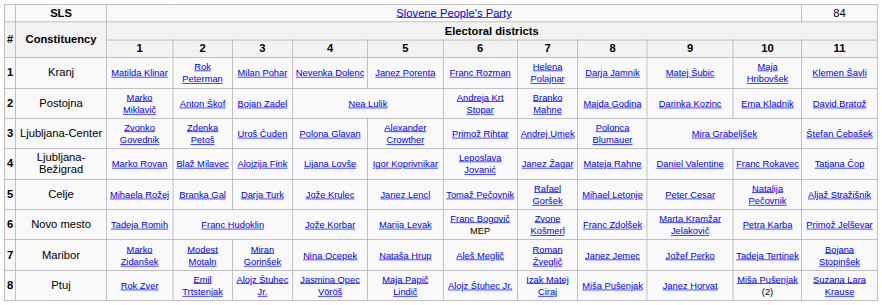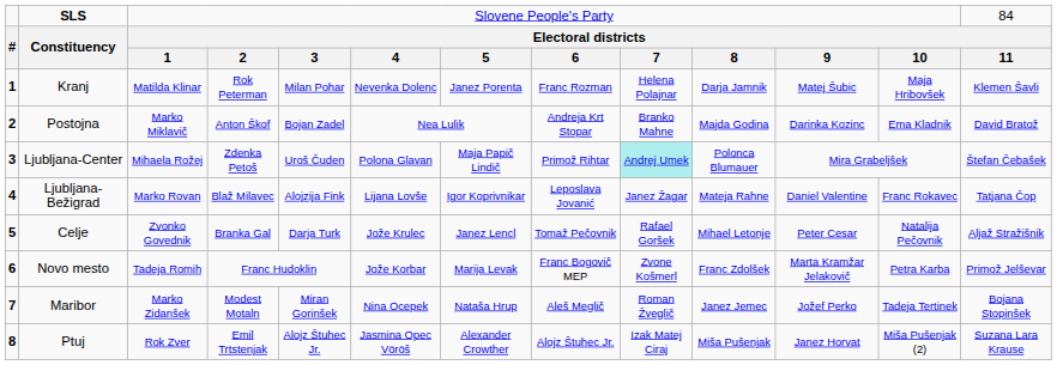 <table class="wikitable" style="text-align: center;">
 <tr>
 <td style="background:"></td>
 <td><strong>SLS</strong></td>
 <td colspan="10"><a href='#'>Slovene People's Party</a><br></td>
 <td>84<br></td>
 </tr>
 <tr>
 <th rowspan="2">#</th>
 <th rowspan="2">Constituency</th>
 <th colspan="11">Electoral districts</th>
 </tr>
 <tr>
 <th>1</th>
 <th>2</th>
 <th>3</th>
 <th>4</th>
 <th>5</th>
 <th>6</th>
 <th>7</th>
 <th>8</th>
 <th>9</th>
 <th>10</th>
 <th>11</th>
 </tr>
 <tr>
 <td style="text-align:center;"><strong>1</strong></td>
 <td>Kranj</td>
 <td><a href='#'><small>Matilda Klinar</small></a></td>
 <td><a href='#'><small>Rok Peterman</small></a></td>
 <td><a href='#'><small>Milan Pohar</small></a></td>
 <td><a href='#'><small>Nevenka Dolenc</small></a></td>
 <td><a href='#'><small>Janez Porenta</small></a></td>
 <td><a href='#'><small>Franc Rozman</small></a></td>
 <td><a href='#'><small>Helena Polajnar</small></a></td>
 <td><a href='#'><small>Darja Jamnik</small></a></td>
 <td><a href='#'><small>Matej Šubic</small></a></td>
 <td><a href='#'><small>Maja Hribovšek</small></a></td>
 <td><a href='#'><small>Klemen Šavli</small></a></td>
 </tr>
 <tr>
 <td style="text-align:center;"><strong>2</strong></td>
 <td>Postojna</td>
 <td><a href='#'><small>Marko Miklavič</small></a></td>
 <td><a href='#'><small>Anton Škof</small></a></td>
 <td><a href='#'><small>Bojan Zadel</small></a></td>
 <td colspan="2"><a href='#'><small>Nea Lulik</small></a></td>
 <td><a href='#'><small>Andreja Krt Stopar</small></a></td>
 <td><a href='#'><small>Branko Mahne</small></a></td>
 <td><a href='#'><small>Majda Godina</small></a></td>
 <td><a href='#'><small>Darinka Kozinc</small></a></td>
 <td><a href='#'><small>Ema Kladnik</small></a></td>
 <td><a href='#'><small>David Bratož</small></a></td>
 </tr>
 <tr>
 <td style="text-align:center;"><strong>3</strong></td>
 <td>Ljubljana-Center</td>
-<td><a href='#'><small>Zvonko Govednik</small></a></td>
+<td><a href='#'><small>Mihaela Rožej</small></a></td>
 <td><a href='#'><small>Zdenka Petoš</small></a></td>
 <td><a href='#'><small>Uroš Čuden</small></a></td>
 <td><a href='#'><small>Polona Glavan</small></a></td>
-<td><a href='#'><small>Alexander Crowther</small></a></td>
+<td><a href='#'><small>Maja Papič Lindič</small></a></td>
 <td><a href='#'><small>Primož Rihtar</small></a></td>
-<td><a href='#'><small>Andrej Umek</small></a></td>
+<td style="background: paleturquoise;"><a href='#'><small>Andrej Umek</small></a></td>
 <td><a href='#'><small>Polonca Blumauer</small></a></td>
 <td colspan="2"><a href='#'><small>Mira Grabeljšek</small></a></td>
 <td><a href='#'><small>Štefan Čebašek</small></a></td>
 </tr>
 <tr>
 <td style="text-align:center;"><strong>4</strong></td>
 <td>Ljubljana-Bežigrad</td>
 <td><a href='#'><small>Marko Rovan</small></a></td>
 <td><a href='#'><small>Blaž Milavec</small></a></td>
 <td><a href='#'><small>Alojzija Fink</small></a></td>
 <td><a href='#'><small>Lijana Lovše</small></a></td>
 <td><a href='#'><small>Igor Koprivnikar</small></a></td>
 <td><a href='#'><small>Leposlava Jovanić</small></a></td>
 <td><a href='#'><small>Janez Žagar</small></a></td>
 <td><a href='#'><small>Mateja Rahne</small></a></td>
 <td><a href='#'><small>Daniel Valentine</small></a></td>
 <td><a href='#'><small>Franc Rokavec</small></a></td>
 <td><a href='#'><small>Tatjana Čop</small></a></td>
 </tr>
 <tr>
 <td style="text-align:center;"><strong>5</strong></td>
 <td>Celje</td>
-<td><a href='#'><small>Mihaela Rožej</small></a></td>
+<td><a href='#'><small>Zvonko Govednik</small></a></td>
 <td><a href='#'><small>Branka Gal</small></a></td>
 <td><a href='#'><small>Darja Turk</small></a></td>
 <td><a href='#'><small>Jože Krulec</small></a></td>
 <td><a href='#'><small>Janez Lencl</small></a></td>
 <td><a href='#'><small>Tomaž Pečovnik</small></a></td>
 <td><a href='#'><small>Rafael Goršek</small></a></td>
 <td><a href='#'><small>Mihael Letonje</small></a></td>
 <td><a href='#'><small>Peter Cesar</small></a></td>
 <td><a href='#'><small>Natalija Pečovnik</small></a></td>
 <td><a href='#'><small>Aljaž Stražišnik</small></a></td>
 </tr>
 <tr>
 <td style="text-align:center;"><strong>6</strong></td>
 <td>Novo mesto</td>
 <td><a href='#'><small>Tadeja Romih</small></a></td>
 <td colspan="2"><a href='#'><small>Franc Hudoklin</small></a></td>
 <td><a href='#'><small>Jože Korbar</small></a></td>
 <td><a href='#'><small>Marija Levak</small></a></td>
 <td><small><a href='#'>Franc Bogovič</a> MEP</small></td>
 <td><a href='#'><small>Zvone Košmerl</small></a></td>
 <td><a href='#'><small>Franc Zdolšek</small></a></td>
 <td><a href='#'><small>Marta Kramžar Jelakovič</small></a></td>
 <td><a href='#'><small>Petra Karba</small></a></td>
 <td><a href='#'><small>Primož Jelševar</small></a></td>
 </tr>
 <tr>
 <td style="text-align:center;"><strong>7</strong></td>
 <td>Maribor</td>
 <td><a href='#'><small>Marko Zidanšek</small></a></td>
 <td><a href='#'><small>Modest Motaln</small></a></td>
 <td><a href='#'><small>Miran Gorinšek</small></a></td>
 <td><a href='#'><small>Nina Ocepek</small></a></td>
 <td><a href='#'><small>Nataša Hrup</small></a></td>
 <td><a href='#'><small>Aleš Meglič</small></a></td>
 <td><a href='#'><small>Roman Žveglič</small></a></td>
 <td><a href='#'><small>Janez Jemec</small></a></td>
 <td><a href='#'><small>Jožef Perko</small></a></td>
 <td><a href='#'><small>Tadeja Tertinek</small></a></td>
 <td><a href='#'><small>Bojana Stopinšek</small></a></td>
 </tr>
 <tr>
 <td style="text-align:center;"><strong>8</strong></td>
 <td>Ptuj</td>
 <td><a href='#'><small>Rok Zver</small></a></td>
 <td><a href='#'><small>Emil Trtstenjak</small></a></td>
 <td><a href='#'><small>Alojz Štuhec Jr.</small></a></td>
 <td><a href='#'><small>Jasmina Opec Vöröš</small></a></td>
-<td><a href='#'><small>Maja Papič Lindič</small></a></td>
+<td><a href='#'><small>Alexander Crowther</small></a></td>
 <td><a href='#'><small>Alojz Štuhec Jr.</small></a></td>
 <td><a href='#'><small>Izak Matej Ciraj</small></a></td>
 <td><a href='#'><small>Miša Pušenjak</small></a></td>
 <td><a href='#'><small>Janez Horvat</small></a></td>
 <td><small><a href='#'>Miša Pušenjak</a> (2)</small></td>
 <td><a href='#'><small>Suzana Lara Krause</small></a></td>
 </tr>
 </table>
